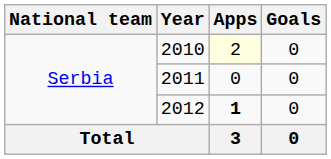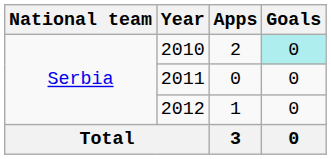 <table class="wikitable" style="text-align:center">
 <tr>
 <th>National team</th>
 <th>Year</th>
 <th>Apps</th>
 <th>Goals</th>
 </tr>
 <tr>
 <td rowspan="3" style="vertical-align:center"><a href='#'>Serbia</a></td>
 <td>2010</td>
-<td style="background: lightyellow;">2</td>
-<td>0</td>
+<td>2</td>
+<td style="background: paleturquoise;">0</td>
 </tr>
 <tr>
 <td>2011</td>
 <td>0</td>
 <td>0</td>
 </tr>
 <tr>
 <td>2012</td>
-<td><strong>1</strong></td>
+<td>1</td>
 <td>0</td>
 </tr>
 <tr>
 <th colspan="2">Total</th>
 <th>3</th>
 <th>0</th>
 </tr>
 </table>
